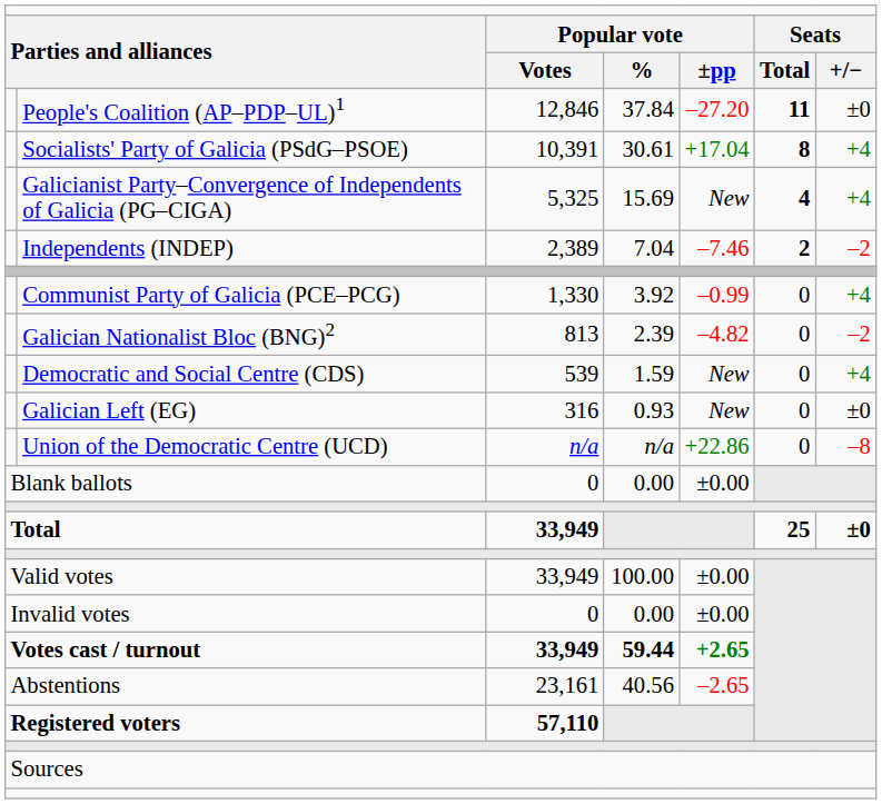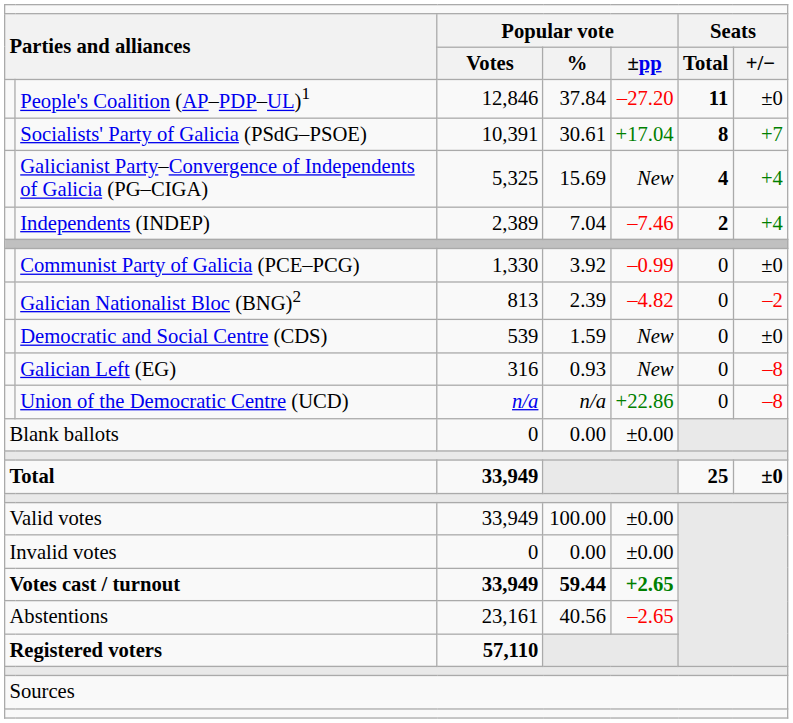 <table class="wikitable" style="text-align:right;">
 <tr>
 <td colspan="7"></td>
 </tr>
 <tr>
 <th style="text-align:left;" rowspan="2" colspan="2" width="525">Parties and alliances</th>
 <th colspan="3">Popular vote</th>
 <th colspan="2">Seats</th>
 </tr>
 <tr>
 <th width="75">Votes</th>
 <th width="45">%</th>
 <th width="45">±<a href='#'>pp</a></th>
 <th width="35">Total</th>
 <th width="35">+/−</th>
 </tr>
 <tr>
 <td width="1" style="color:inherit;background:"></td>
 <td align="left"><a href='#'>People's Coalition</a> (<a href='#'>AP</a>–<a href='#'>PDP</a>–<a href='#'>UL</a>)<sup>1</sup></td>
 <td>12,846</td>
 <td>37.84</td>
 <td style="color:red;">–27.20</td>
 <td><strong>11</strong></td>
 <td>±0</td>
 </tr>
 <tr>
 <td style="color:inherit;background:"></td>
 <td align="left"><a href='#'>Socialists' Party of Galicia</a> (PSdG–PSOE)</td>
 <td>10,391</td>
 <td>30.61</td>
 <td style="color:green;">+17.04</td>
 <td><strong>8</strong></td>
-<td style="color:green;">+4</td>
+<td style="color:green;">+7</td>
 </tr>
 <tr>
 <td style="color:inherit;background:"></td>
 <td align="left"><a href='#'>Galicianist Party</a>–<a href='#'>Convergence of Independents of Galicia</a> (PG–CIGA)</td>
 <td>5,325</td>
 <td>15.69</td>
 <td><em>New</em></td>
 <td><strong>4</strong></td>
 <td style="color:green;">+4</td>
 </tr>
 <tr>
 <td style="color:inherit;background:"></td>
 <td align="left"><a href='#'>Independents</a> (INDEP)</td>
 <td>2,389</td>
 <td>7.04</td>
 <td style="color:red;">–7.46</td>
 <td><strong>2</strong></td>
-<td style="color:red;">–2</td>
+<td style="color:green;">+4</td>
 </tr>
 <tr>
 <td colspan="7" bgcolor="#C0C0C0"></td>
 </tr>
 <tr>
 <td style="color:inherit;background:"></td>
 <td align="left"><a href='#'>Communist Party of Galicia</a> (PCE–PCG)</td>
 <td>1,330</td>
 <td>3.92</td>
 <td style="color:red;">–0.99</td>
 <td>0</td>
-<td style="color:green;">+4</td>
+<td>±0</td>
 </tr>
 <tr>
 <td style="color:inherit;background:"></td>
 <td align="left"><a href='#'>Galician Nationalist Bloc</a> (BNG)<sup>2</sup></td>
 <td>813</td>
 <td>2.39</td>
 <td style="color:red;">–4.82</td>
 <td>0</td>
 <td style="color:red;">–2</td>
 </tr>
 <tr>
 <td style="color:inherit;background:"></td>
 <td align="left"><a href='#'>Democratic and Social Centre</a> (CDS)</td>
 <td>539</td>
 <td>1.59</td>
 <td><em>New</em></td>
 <td>0</td>
-<td style="color:green;">+4</td>
+<td>±0</td>
 </tr>
 <tr>
 <td style="color:inherit;background:"></td>
 <td align="left"><a href='#'>Galician Left</a> (EG)</td>
 <td>316</td>
 <td>0.93</td>
 <td><em>New</em></td>
 <td>0</td>
-<td>±0</td>
+<td style="color:red;">–8</td>
 </tr>
 <tr>
 <td style="color:inherit;background:"></td>
 <td align="left"><a href='#'>Union of the Democratic Centre</a> (UCD)</td>
 <td><em><a href='#'>n/a</a></em></td>
 <td><em>n/a</em></td>
 <td style="color:green;">+22.86</td>
 <td>0</td>
 <td style="color:red;">–8</td>
 </tr>
 <tr>
 <td align="left" colspan="2">Blank ballots</td>
 <td>0</td>
 <td>0.00</td>
 <td>±0.00</td>
 <td bgcolor="#E9E9E9" colspan="2"></td>
 </tr>
 <tr>
 <td colspan="7" bgcolor="#E9E9E9"></td>
 </tr>
 <tr style="font-weight:bold;">
 <td align="left" colspan="2">Total</td>
 <td>33,949</td>
 <td bgcolor="#E9E9E9" colspan="2"></td>
 <td>25</td>
 <td>±0</td>
 </tr>
 <tr>
 <td colspan="7" bgcolor="#E9E9E9"></td>
 </tr>
 <tr>
 <td align="left" colspan="2">Valid votes</td>
 <td>33,949</td>
 <td>100.00</td>
 <td>±0.00</td>
 <td bgcolor="#E9E9E9" colspan="2" rowspan="5"></td>
 </tr>
 <tr>
 <td align="left" colspan="2">Invalid votes</td>
 <td>0</td>
 <td>0.00</td>
 <td>±0.00</td>
 </tr>
 <tr style="font-weight:bold;">
 <td align="left" colspan="2">Votes cast / turnout</td>
 <td>33,949</td>
 <td>59.44</td>
 <td style="color:green;">+2.65</td>
 </tr>
 <tr>
 <td align="left" colspan="2">Abstentions</td>
 <td>23,161</td>
 <td>40.56</td>
 <td style="color:red;">–2.65</td>
 </tr>
 <tr style="font-weight:bold;">
 <td align="left" colspan="2">Registered voters</td>
 <td>57,110</td>
 <td bgcolor="#E9E9E9" colspan="2"></td>
 </tr>
 <tr>
 <td colspan="7" bgcolor="#E9E9E9"></td>
 </tr>
 <tr>
 <td align="left" colspan="7">Sources</td>
 </tr>
 <tr>
 <td colspan="7" style="text-align:left; max-width:790px;"></td>
 </tr>
 </table>
